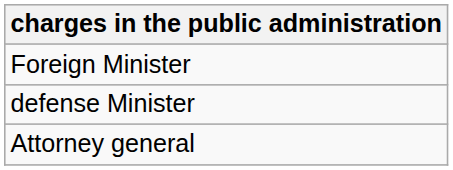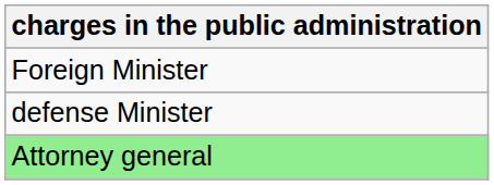 <table class="wikitable">
 <tr>
 <th>charges in the public administration</th>
 </tr>
 <tr>
 <td>Foreign Minister</td>
 </tr>
 <tr>
 <td>defense Minister</td>
 </tr>
 <tr>
-<td>Attorney general</td>
+<td style="background: lightgreen;">Attorney general</td>
 </tr>
 </table>
